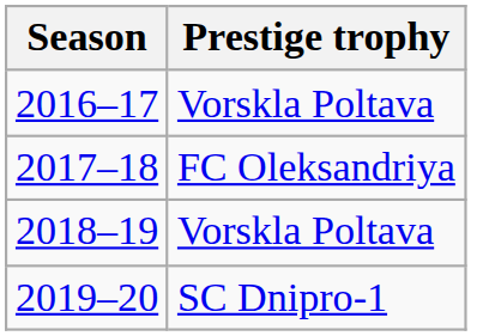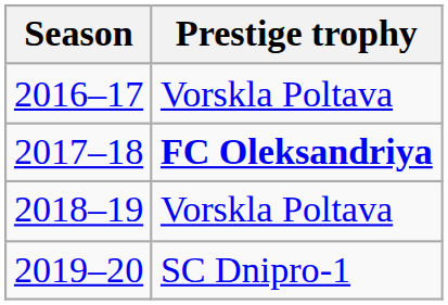 <table class="wikitable">
 <tr>
 <th>Season</th>
 <th>Prestige trophy</th>
 </tr>
 <tr>
 <td><a href='#'>2016–17</a></td>
 <td><a href='#'>Vorskla Poltava</a></td>
 </tr>
 <tr>
 <td><a href='#'>2017–18</a></td>
-<td><a href='#'>FC Oleksandriya</a></td>
+<td><strong><a href='#'>FC Oleksandriya</a></strong></td>
 </tr>
 <tr>
 <td><a href='#'>2018–19</a></td>
 <td><a href='#'>Vorskla Poltava</a></td>
 </tr>
 <tr>
 <td><a href='#'>2019–20</a></td>
 <td><a href='#'>SC Dnipro-1</a></td>
 </tr>
 </table>
